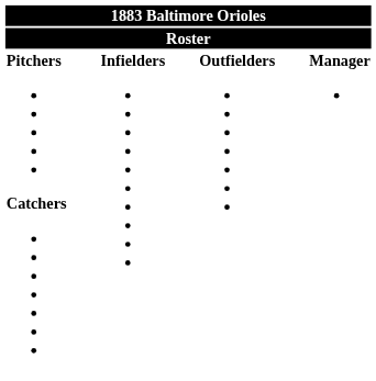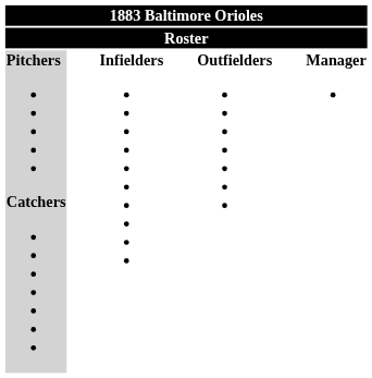 <table class="toccolours" style="font-size: 95%;">
 <tr>
 <th colspan="10" style="background-color: black; color: white; text-align: center;">1883 Baltimore Orioles</th>
 </tr>
 <tr>
 <td colspan="10" style="background-color: black; color: white; text-align: center;"><strong>Roster</strong></td>
 </tr>
 <tr>
-<td valign="top"><strong>Pitchers</strong><br><ul><li></li><li></li><li></li><li></li><li></li></ul><strong>Catchers</strong><ul><li></li><li></li><li></li><li></li><li></li><li></li><li></li></ul></td>
+<td valign="top" style="background: lightgrey;"><strong>Pitchers</strong><br><ul><li></li><li></li><li></li><li></li><li></li></ul><strong>Catchers</strong><ul><li></li><li></li><li></li><li></li><li></li><li></li><li></li></ul></td>
 <td width="25px"></td>
 <td valign="top"><strong>Infielders</strong><br><ul><li></li><li></li><li></li><li></li><li></li><li></li><li></li><li></li><li></li><li></li></ul></td>
 <td width="25px"></td>
 <td valign="top"><strong>Outfielders</strong><br><ul><li></li><li></li><li></li><li></li><li></li><li></li><li></li></ul></td>
 <td width="25px"></td>
 <td valign="top"><strong>Manager</strong><br><ul><li></li></ul></td>
 </tr>
 </table>
